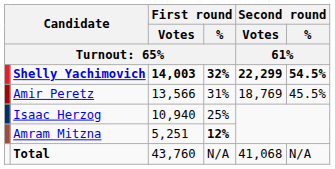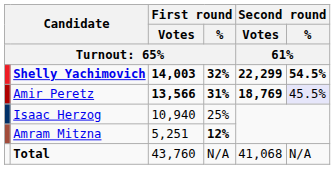 <table class="wikitable sortable">
 <tr>
 <th colspan="2" rowspan="2">Candidate</th>
 <th colspan="2">First round</th>
 <th colspan="2">Second round</th>
 </tr>
 <tr>
 <th>Votes</th>
 <th>%</th>
 <th>Votes</th>
 <th>%</th>
 </tr>
 <tr>
 <th scope="row" colspan=4 style="text-align:center"><strong>Turnout:</strong>  65%</th>
 <th scope="row" colspan=3 style="text-align:center"> 61%</th>
 </tr>
 <tr>
 <td bgcolor="#EE1C25"></td>
 <td align="left"><strong><a href='#'>Shelly Yachimovich</a></strong></td>
 <td><strong>14,003</strong></td>
 <td><strong>32%</strong></td>
 <td><strong>22,299</strong></td>
 <td><strong>54.5%</strong></td>
 </tr>
 <tr>
 <td bgcolor="#AF0000"></td>
 <td align="left"><a href='#'>Amir Peretz</a></td>
-<td>13,566</td>
-<td>31%</td>
-<td>18,769</td>
-<td>45.5%</td>
+<td><strong>13,566</strong></td>
+<td><strong>31%</strong></td>
+<td><strong>18,769</strong></td>
+<td style="background: lavender;">45.5%</td>
 </tr>
 <tr>
 <td bgcolor="#013068"></td>
 <td align="left"><a href='#'>Isaac Herzog</a></td>
 <td>10,940</td>
 <td>25%</td>
 </tr>
 <tr>
 <td bgcolor="#A24C3B"></td>
 <td align="left"><a href='#'>Amram Mitzna</a></td>
 <td>5,251</td>
 <td><strong>12%</strong></td>
 </tr>
 <tr>
 <td bgcolor=></td>
 <td align="left"><strong>Total</strong></td>
 <td>43,760</td>
 <td>N/A</td>
 <td>41,068</td>
 <td>N/A</td>
 </tr>
 </table>
